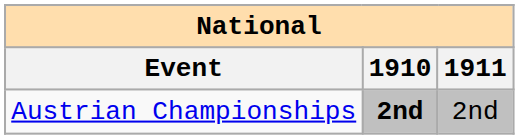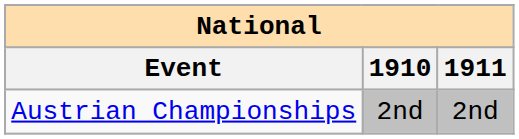 <table class="wikitable" style="text-align:center">
 <tr>
 <th style="background-color: #ffdead; " colspan=3 align=center>National</th>
 </tr>
 <tr>
 <th>Event</th>
 <th>1910</th>
 <th>1911</th>
 </tr>
 <tr>
 <td align=left><a href='#'>Austrian Championships</a></td>
-<td bgcolor=silver><strong>2nd</strong></td>
+<td bgcolor=silver>2nd</td>
 <td bgcolor=silver>2nd</td>
 </tr>
 </table>
